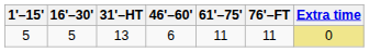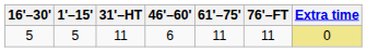 <table class="wikitable" style="text-align:center">
 <tr>
+<th>16'–30'</th>
 <th>1'–15'</th>
-<th>16'–30'</th>
 <th>31'–HT</th>
 <th>46'–60'</th>
 <th>61'–75'</th>
 <th>76'–FT</th>
 <th><a href='#'>Extra time</a></th>
 </tr>
 <tr>
 <td>5</td>
 <td>5</td>
-<td>13</td>
+<td>11</td>
 <td>6</td>
 <td>11</td>
 <td>11</td>
 <td style="background: khaki;">0</td>
 </tr>
 </table>
